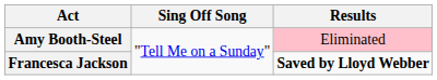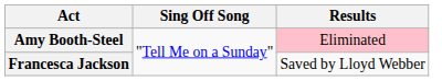 <table class="wikitable plainrowheaders" style="text-align:center;">
 <tr>
 <th scope="col">Act</th>
 <th scope="col">Sing Off Song</th>
 <th scope="col">Results</th>
 </tr>
 <tr>
 <th scope="row">Amy Booth-Steel</th>
 <td rowspan="2">"<a href='#'>Tell Me on a Sunday</a>" </td>
 <td style="background:pink;">Eliminated</td>
 </tr>
 <tr>
 <th scope="row">Francesca Jackson</th>
-<td><strong>Saved by Lloyd Webber</strong></td>
+<td>Saved by Lloyd Webber</td>
 </tr>
 </table>
